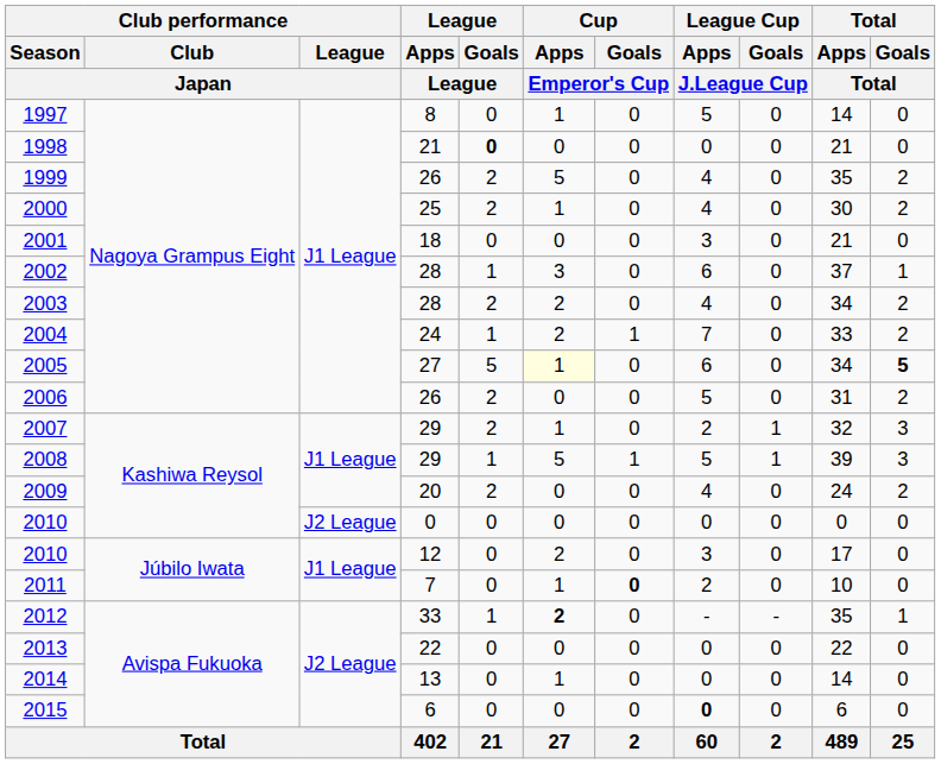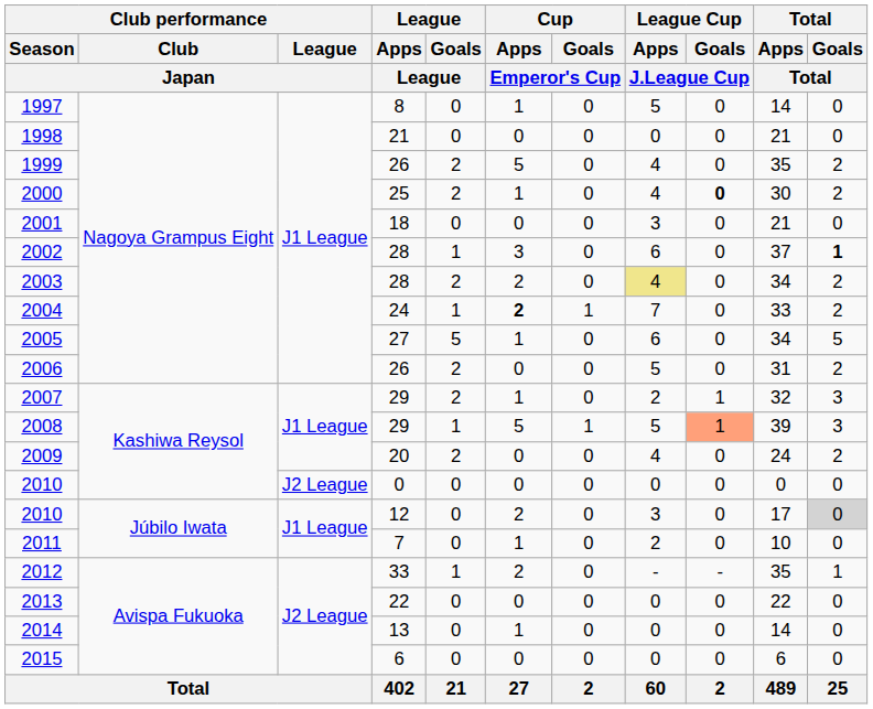 <table class="wikitable" style="text-align:center;">
 <tr>
 <th colspan=3>Club performance</th>
 <th colspan=2>League</th>
 <th colspan=2>Cup</th>
 <th colspan=2>League Cup</th>
 <th colspan=2>Total</th>
 </tr>
 <tr>
 <th>Season</th>
 <th>Club</th>
 <th>League</th>
 <th>Apps</th>
 <th>Goals</th>
 <th>Apps</th>
 <th>Goals</th>
 <th>Apps</th>
 <th>Goals</th>
 <th>Apps</th>
 <th>Goals</th>
 </tr>
 <tr>
 <th colspan=3>Japan</th>
 <th colspan=2>League</th>
 <th colspan=2><a href='#'>Emperor's Cup</a></th>
 <th colspan=2><a href='#'>J.League Cup</a></th>
 <th colspan=2>Total</th>
 </tr>
 <tr>
 <td><a href='#'>1997</a></td>
 <td rowspan="10"><a href='#'>Nagoya Grampus Eight</a></td>
 <td rowspan="10"><a href='#'>J1 League</a></td>
 <td>8</td>
 <td>0</td>
 <td>1</td>
 <td>0</td>
 <td>5</td>
 <td>0</td>
 <td>14</td>
 <td>0</td>
 </tr>
 <tr>
 <td><a href='#'>1998</a></td>
 <td>21</td>
-<td><strong>0</strong></td>
+<td>0</td>
 <td>0</td>
 <td>0</td>
 <td>0</td>
 <td>0</td>
 <td>21</td>
 <td>0</td>
 </tr>
 <tr>
 <td><a href='#'>1999</a></td>
 <td>26</td>
 <td>2</td>
 <td>5</td>
 <td>0</td>
 <td>4</td>
 <td>0</td>
 <td>35</td>
 <td>2</td>
 </tr>
 <tr>
 <td><a href='#'>2000</a></td>
 <td>25</td>
 <td>2</td>
 <td>1</td>
 <td>0</td>
 <td>4</td>
-<td>0</td>
+<td><strong>0</strong></td>
 <td>30</td>
 <td>2</td>
 </tr>
 <tr>
 <td><a href='#'>2001</a></td>
 <td>18</td>
 <td>0</td>
 <td>0</td>
 <td>0</td>
 <td>3</td>
 <td>0</td>
 <td>21</td>
 <td>0</td>
 </tr>
 <tr>
 <td><a href='#'>2002</a></td>
 <td>28</td>
 <td>1</td>
 <td>3</td>
 <td>0</td>
 <td>6</td>
 <td>0</td>
 <td>37</td>
-<td>1</td>
+<td><strong>1</strong></td>
 </tr>
 <tr>
 <td><a href='#'>2003</a></td>
 <td>28</td>
 <td>2</td>
 <td>2</td>
 <td>0</td>
-<td>4</td>
+<td style="background: khaki;">4</td>
 <td>0</td>
 <td>34</td>
 <td>2</td>
 </tr>
 <tr>
 <td><a href='#'>2004</a></td>
 <td>24</td>
 <td>1</td>
-<td>2</td>
+<td><strong>2</strong></td>
 <td>1</td>
 <td>7</td>
 <td>0</td>
 <td>33</td>
 <td>2</td>
 </tr>
 <tr>
 <td><a href='#'>2005</a></td>
 <td>27</td>
 <td>5</td>
-<td style="background: lightyellow;">1</td>
+<td>1</td>
 <td>0</td>
 <td>6</td>
 <td>0</td>
 <td>34</td>
-<td><strong>5</strong></td>
+<td>5</td>
 </tr>
 <tr>
 <td><a href='#'>2006</a></td>
 <td>26</td>
 <td>2</td>
 <td>0</td>
 <td>0</td>
 <td>5</td>
 <td>0</td>
 <td>31</td>
 <td>2</td>
 </tr>
 <tr>
 <td><a href='#'>2007</a></td>
 <td rowspan="4"><a href='#'>Kashiwa Reysol</a></td>
 <td rowspan="3"><a href='#'>J1 League</a></td>
 <td>29</td>
 <td>2</td>
 <td>1</td>
 <td>0</td>
 <td>2</td>
 <td>1</td>
 <td>32</td>
 <td>3</td>
 </tr>
 <tr>
 <td><a href='#'>2008</a></td>
 <td>29</td>
 <td>1</td>
 <td>5</td>
 <td>1</td>
 <td>5</td>
-<td>1</td>
+<td style="background: lightsalmon;">1</td>
 <td>39</td>
 <td>3</td>
 </tr>
 <tr>
 <td><a href='#'>2009</a></td>
 <td>20</td>
 <td>2</td>
 <td>0</td>
 <td>0</td>
 <td>4</td>
 <td>0</td>
 <td>24</td>
 <td>2</td>
 </tr>
 <tr>
 <td><a href='#'>2010</a></td>
 <td><a href='#'>J2 League</a></td>
 <td>0</td>
 <td>0</td>
 <td>0</td>
 <td>0</td>
 <td>0</td>
 <td>0</td>
 <td>0</td>
 <td>0</td>
 </tr>
 <tr>
 <td><a href='#'>2010</a></td>
 <td rowspan="2"><a href='#'>Júbilo Iwata</a></td>
 <td rowspan="2"><a href='#'>J1 League</a></td>
 <td>12</td>
 <td>0</td>
 <td>2</td>
 <td>0</td>
 <td>3</td>
 <td>0</td>
 <td>17</td>
-<td>0</td>
+<td style="background: lightgrey;">0</td>
 </tr>
 <tr>
 <td><a href='#'>2011</a></td>
 <td>7</td>
 <td>0</td>
 <td>1</td>
-<td><strong>0</strong></td>
+<td>0</td>
 <td>2</td>
 <td>0</td>
 <td>10</td>
 <td>0</td>
 </tr>
 <tr>
 <td><a href='#'>2012</a></td>
 <td rowspan="4"><a href='#'>Avispa Fukuoka</a></td>
 <td rowspan="4"><a href='#'>J2 League</a></td>
 <td>33</td>
 <td>1</td>
-<td><strong>2</strong></td>
+<td>2</td>
 <td>0</td>
 <td>-</td>
 <td>-</td>
 <td>35</td>
 <td>1</td>
 </tr>
 <tr>
 <td><a href='#'>2013</a></td>
 <td>22</td>
 <td>0</td>
 <td>0</td>
 <td>0</td>
 <td>0</td>
 <td>0</td>
 <td>22</td>
 <td>0</td>
 </tr>
 <tr>
 <td><a href='#'>2014</a></td>
 <td>13</td>
 <td>0</td>
 <td>1</td>
 <td>0</td>
 <td>0</td>
 <td>0</td>
 <td>14</td>
 <td>0</td>
 </tr>
 <tr>
 <td><a href='#'>2015</a></td>
 <td>6</td>
 <td>0</td>
 <td>0</td>
 <td>0</td>
-<td><strong>0</strong></td>
+<td>0</td>
 <td>0</td>
 <td>6</td>
 <td>0</td>
 </tr>
 <tr>
 <th colspan=3>Total</th>
 <th>402</th>
 <th>21</th>
 <th>27</th>
 <th>2</th>
 <th>60</th>
 <th>2</th>
 <th>489</th>
 <th>25</th>
 </tr>
 </table>
